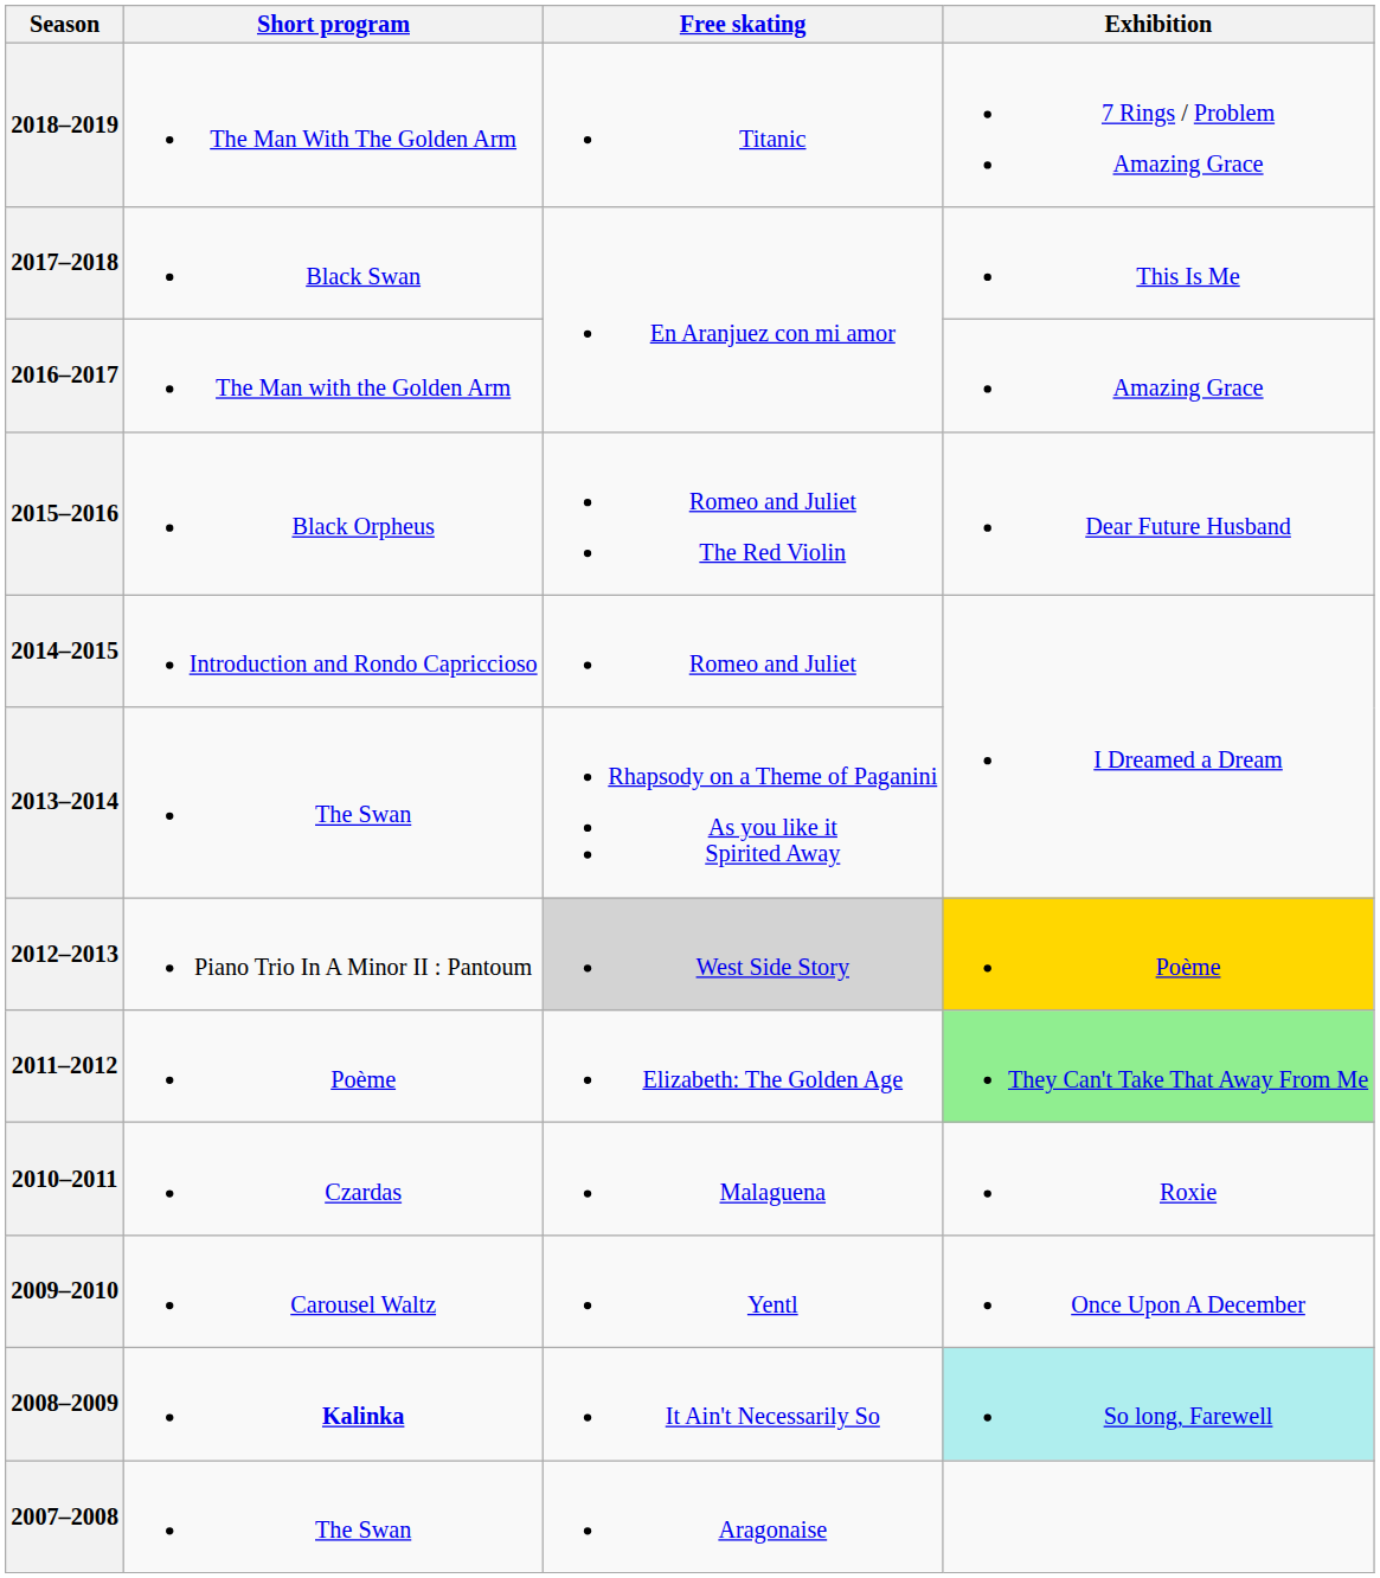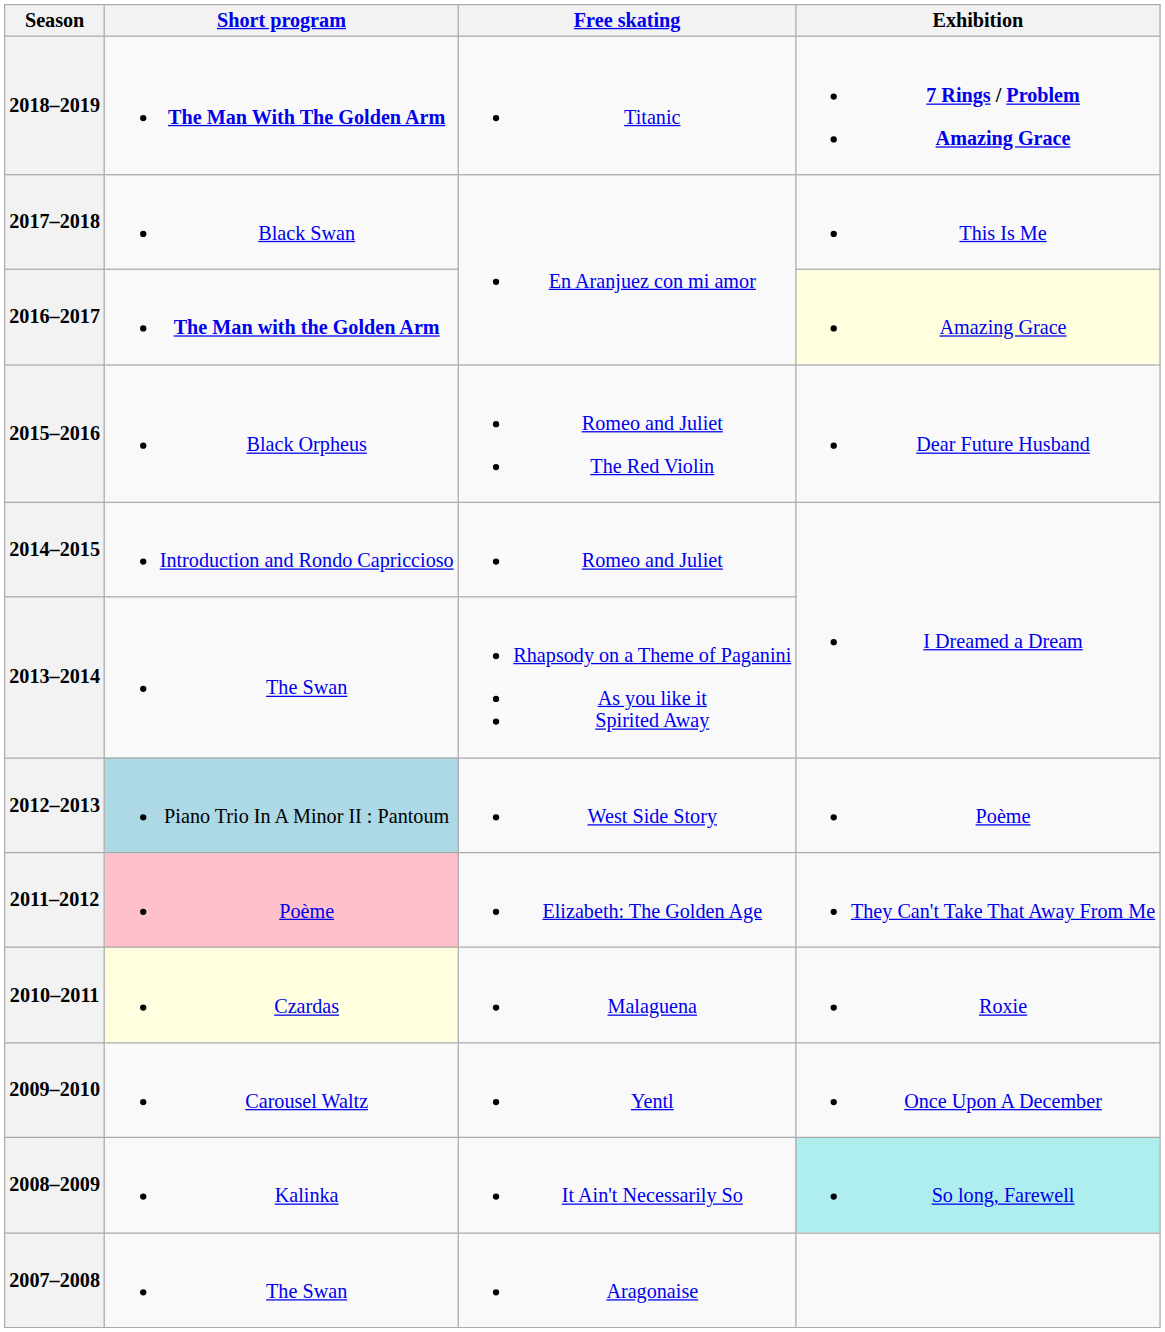 <table class="wikitable" style="text-align:center">
 <tr>
 <th>Season</th>
 <th><a href='#'>Short program</a></th>
 <th><a href='#'>Free skating</a></th>
 <th>Exhibition</th>
 </tr>
 <tr>
 <th>2018–2019 <br> </th>
-<td><br><ul><li><a href='#'>The Man With The Golden Arm</a> <br></li></ul></td>
+<td><strong><br><ul><li><a href='#'>The Man With The Golden Arm</a> <br></li></ul></strong></td>
 <td><br><ul><li><a href='#'>Titanic</a> <br></li></ul></td>
-<td><br><ul><li><a href='#'>7 Rings</a> / <a href='#'>Problem</a> <br></li></ul><ul><li><a href='#'>Amazing Grace</a> <br></li></ul></td>
+<td><strong><br><ul><li><a href='#'>7 Rings</a> / <a href='#'>Problem</a> <br></li></ul><ul><li><a href='#'>Amazing Grace</a> <br></li></ul></strong></td>
 </tr>
 <tr>
 <th>2017–2018 <br> </th>
 <td><br><ul><li><a href='#'>Black Swan</a> <br></li></ul></td>
 <td rowspan=2><br><ul><li><a href='#'>En Aranjuez con mi amor</a> <br></li></ul></td>
 <td><br><ul><li><a href='#'>This Is Me</a> <br></li></ul></td>
 </tr>
 <tr>
 <th>2016–2017 <br> </th>
-<td><br><ul><li><a href='#'>The Man with the Golden Arm</a> <br></li></ul></td>
-<td><br><ul><li><a href='#'>Amazing Grace</a> <br></li></ul></td>
+<td><strong><br><ul><li><a href='#'>The Man with the Golden Arm</a> <br></li></ul></strong></td>
+<td style="background: lightyellow;"><br><ul><li><a href='#'>Amazing Grace</a> <br></li></ul></td>
 </tr>
 <tr>
 <th>2015–2016 <br> </th>
 <td><br><ul><li><a href='#'>Black Orpheus</a> <br></li></ul></td>
 <td><br><ul><li><a href='#'>Romeo and Juliet</a> <br></li></ul><ul><li><a href='#'>The Red Violin</a> <br></li></ul></td>
 <td><br><ul><li><a href='#'>Dear Future Husband</a> <br></li></ul></td>
 </tr>
 <tr>
 <th>2014–2015 <br> </th>
 <td><br><ul><li><a href='#'>Introduction and Rondo Capriccioso</a> <br></li></ul></td>
 <td><br><ul><li><a href='#'>Romeo and Juliet</a> <br></li></ul></td>
 <td rowspan=2><br><ul><li><a href='#'>I Dreamed a Dream</a> <br></li></ul></td>
 </tr>
 <tr>
 <th>2013–2014 <br> </th>
 <td><br><ul><li><a href='#'>The Swan</a> <br></li></ul></td>
 <td><br><ul><li><a href='#'>Rhapsody on a Theme of Paganini</a> <br></li></ul><ul><li><a href='#'>As you like it</a> <br></li><li><a href='#'>Spirited Away</a> <br></li></ul></td>
 </tr>
 <tr>
 <th>2012–2013 <br> </th>
-<td><br><ul><li>Piano Trio In A Minor II : Pantoum <br></li></ul></td>
-<td style="background: lightgrey;"><br><ul><li><a href='#'>West Side Story</a> <br></li></ul></td>
-<td style="background: gold;"><br><ul><li><a href='#'>Poème</a> <br></li></ul></td>
+<td style="background: lightblue;"><br><ul><li>Piano Trio In A Minor II : Pantoum <br></li></ul></td>
+<td><br><ul><li><a href='#'>West Side Story</a> <br></li></ul></td>
+<td><br><ul><li><a href='#'>Poème</a> <br></li></ul></td>
 </tr>
 <tr>
 <th>2011–2012 <br> </th>
-<td><br><ul><li><a href='#'>Poème</a> <br></li></ul></td>
+<td style="background: pink;"><br><ul><li><a href='#'>Poème</a> <br></li></ul></td>
 <td><br><ul><li><a href='#'>Elizabeth: The Golden Age</a> <br></li></ul></td>
-<td style="background: lightgreen;"><br><ul><li><a href='#'>They Can't Take That Away From Me</a> <br></li></ul></td>
+<td><br><ul><li><a href='#'>They Can't Take That Away From Me</a> <br></li></ul></td>
 </tr>
 <tr>
 <th>2010–2011</th>
-<td><br><ul><li><a href='#'>Czardas</a> <br></li></ul></td>
+<td style="background: lightyellow;"><br><ul><li><a href='#'>Czardas</a> <br></li></ul></td>
 <td><br><ul><li><a href='#'>Malaguena</a> <br></li></ul></td>
 <td><br><ul><li><a href='#'>Roxie</a> <br></li></ul></td>
 </tr>
 <tr>
 <th>2009–2010</th>
 <td><br><ul><li><a href='#'>Carousel Waltz</a> <br></li></ul></td>
 <td><br><ul><li><a href='#'>Yentl</a> <br></li></ul></td>
 <td><br><ul><li><a href='#'>Once Upon A December</a> <br></li></ul></td>
 </tr>
 <tr>
 <th>2008–2009</th>
-<td><strong><br><ul><li><a href='#'>Kalinka</a> <br></li></ul></strong></td>
+<td><br><ul><li><a href='#'>Kalinka</a> <br></li></ul></td>
 <td><br><ul><li><a href='#'>It Ain't Necessarily So</a><br></li></ul></td>
 <td style="background: paleturquoise;"><br><ul><li><a href='#'>So long, Farewell</a> <br></li></ul></td>
 </tr>
 <tr>
 <th>2007–2008</th>
 <td><br><ul><li><a href='#'>The Swan</a><br></li></ul></td>
 <td><br><ul><li><a href='#'>Aragonaise</a> <br></li></ul></td>
 <td></td>
 </tr>
 </table>
